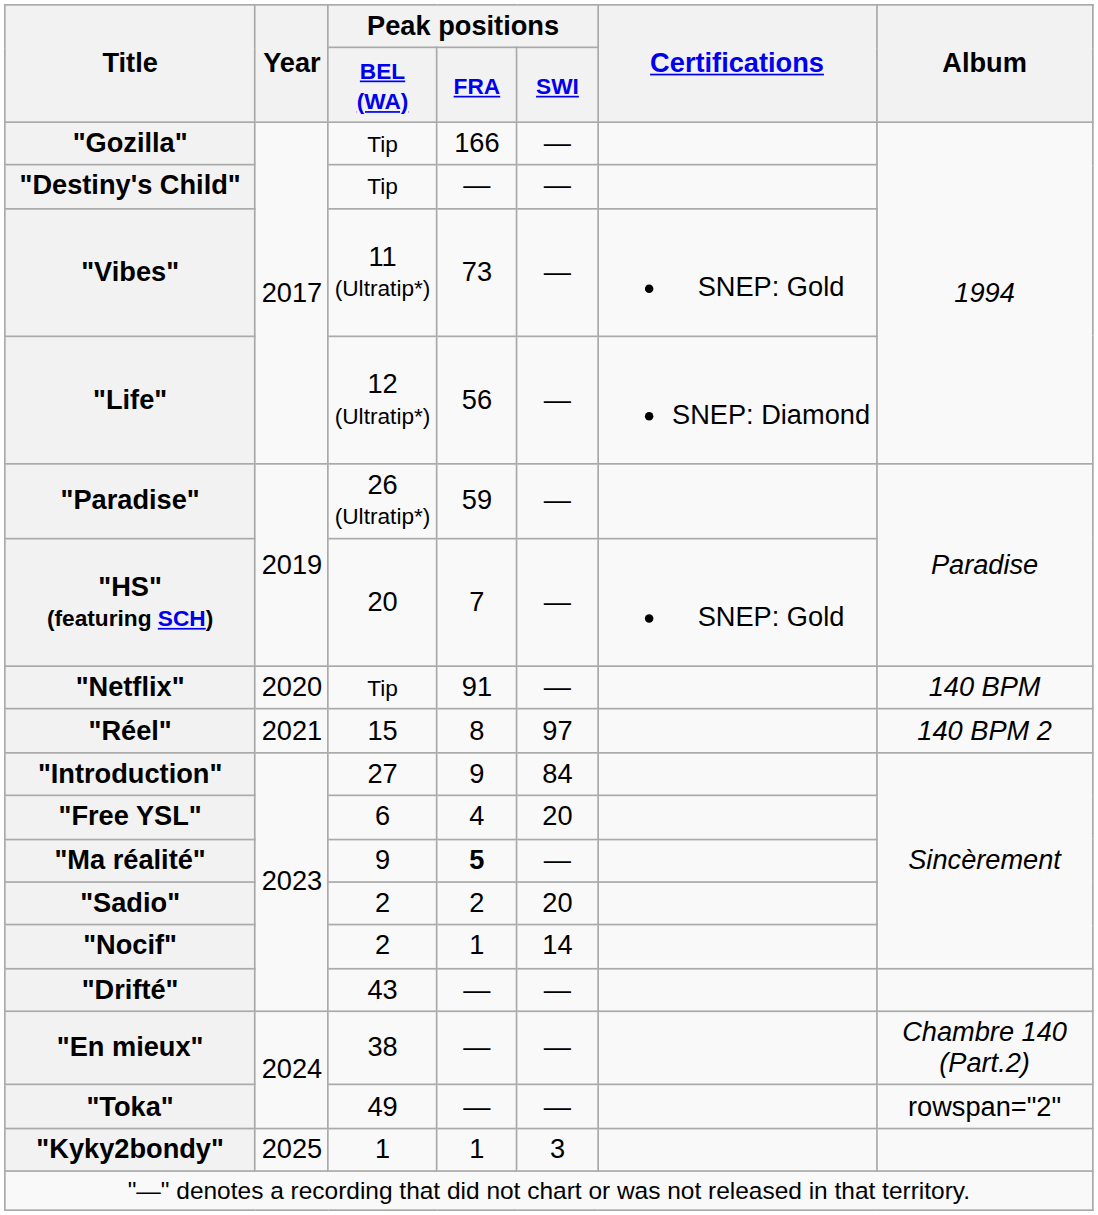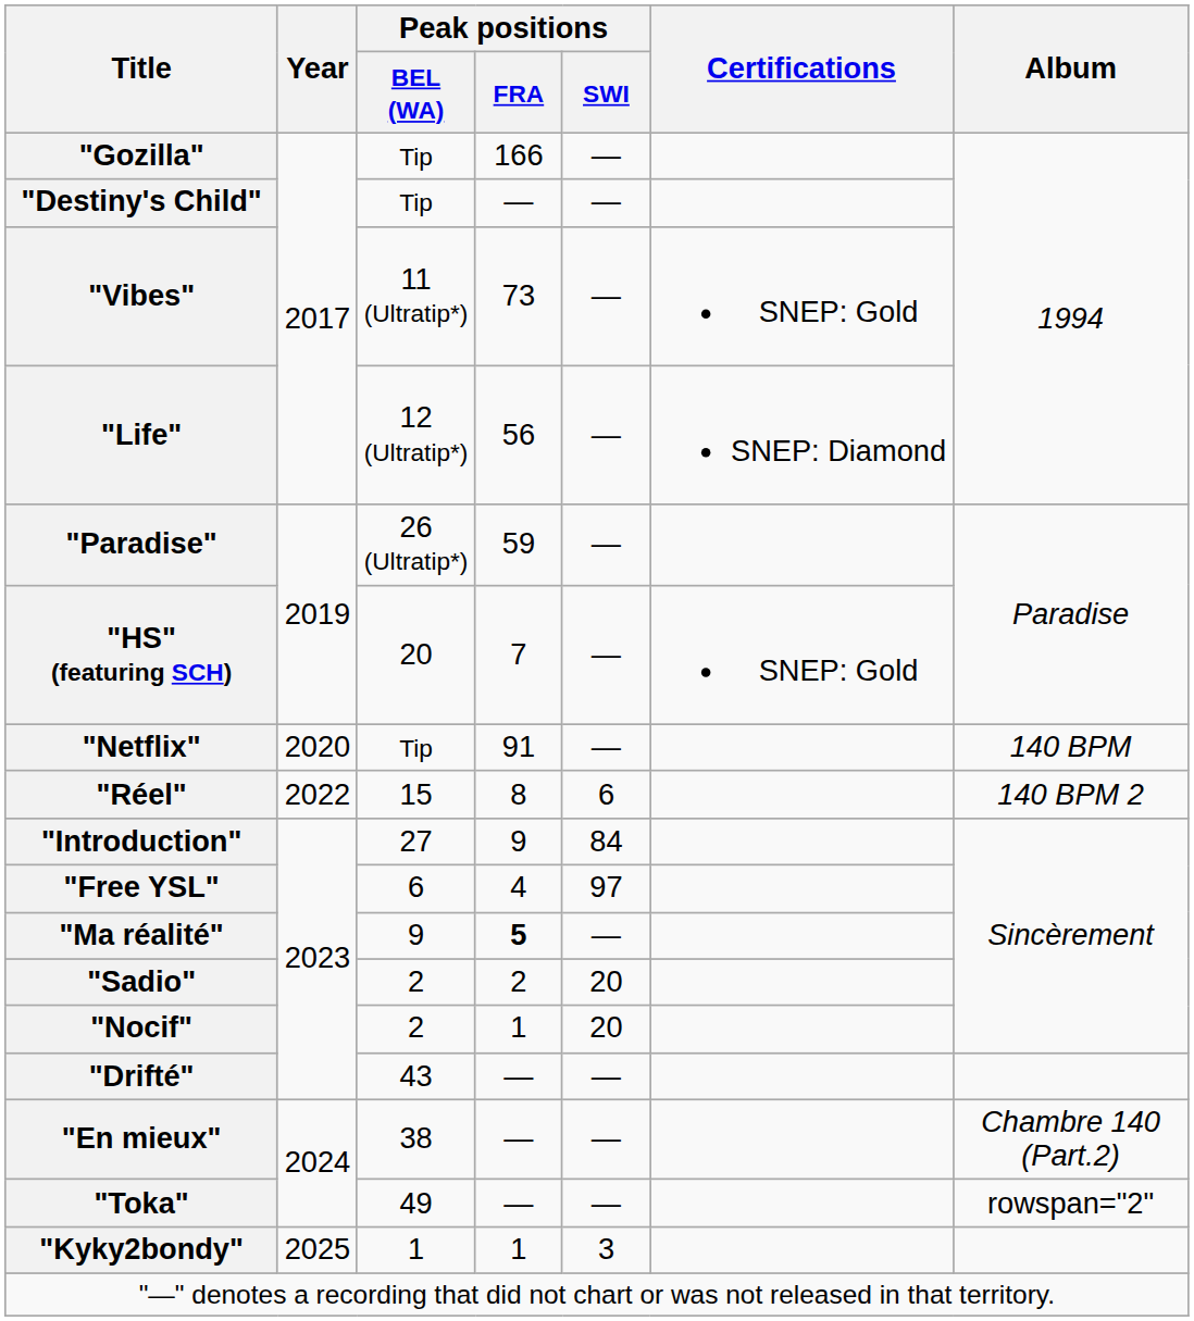 <table class="wikitable plainrowheaders" style="text-align:center;">
 <tr>
 <th rowspan="2" style="text-align:center; width:140px;">Title</th>
 <th rowspan="2" style="text-align:center; width:10px;">Year</th>
 <th style="text-align:center;" colspan="3">Peak positions</th>
 <th align="center" rowspan="2"><a href='#'>Certifications</a></th>
 <th rowspan="2" style="text-align:center; width:120px;">Album</th>
 </tr>
 <tr>
 <th width="40"><small><a href='#'>BEL<br>(WA)</a></small><br></th>
 <th width="40"><small><a href='#'>FRA</a></small><br></th>
 <th width="40"><small><a href='#'>SWI</a></small><br></th>
 </tr>
 <tr>
 <th scope="row">"Gozilla"</th>
 <td style="text-align:center;" rowspan=4>2017</td>
 <td style="text-align:center;"><small>Tip</small></td>
 <td style="text-align:center;">166</td>
 <td style="text-align:center;">—</td>
 <td></td>
 <td style="text-align:center;" rowspan=4><em>1994</em></td>
 </tr>
 <tr>
 <th scope="row">"Destiny's Child"</th>
 <td style="text-align:center;"><small>Tip</small></td>
 <td style="text-align:center;">—</td>
 <td style="text-align:center;">—</td>
 <td></td>
 </tr>
 <tr>
 <th scope="row">"Vibes"</th>
 <td style="text-align:center;">11<br><small>(Ultratip*)</small></td>
 <td style="text-align:center;">73</td>
 <td style="text-align:center;">—</td>
 <td><br><ul><li>SNEP: Gold</li></ul></td>
 </tr>
 <tr>
 <th scope="row">"Life"</th>
 <td style="text-align:center;">12<br><small>(Ultratip*)</small></td>
 <td style="text-align:center;">56</td>
 <td style="text-align:center;">—</td>
 <td><br><ul><li>SNEP: Diamond</li></ul></td>
 </tr>
 <tr>
 <th scope="row">"Paradise"</th>
 <td style="text-align:center;" rowspan=2>2019</td>
 <td style="text-align:center;">26<br><small>(Ultratip*)</small></td>
 <td style="text-align:center;">59</td>
 <td style="text-align:center;">—</td>
 <td></td>
 <td style="text-align:center;" rowspan=2><em>Paradise</em></td>
 </tr>
 <tr>
 <th scope="row">"HS"<br><small>(featuring <a href='#'>SCH</a>)</small></th>
 <td style="text-align:center;">20</td>
 <td style="text-align:center;">7</td>
 <td style="text-align:center;">—</td>
 <td><br><ul><li>SNEP: Gold</li></ul></td>
 </tr>
 <tr>
 <th scope="row">"Netflix"</th>
 <td style="text-align:center;">2020</td>
 <td style="text-align:center;"><small>Tip</small></td>
 <td style="text-align:center;">91</td>
 <td style="text-align:center;">—</td>
 <td></td>
 <td style="text-align:center;"><em>140 BPM</em></td>
 </tr>
 <tr>
 <th scope="row">"Réel"</th>
-<td style="text-align:center;">2021</td>
+<td style="text-align:center;">2022</td>
 <td style="text-align:center;">15</td>
 <td style="text-align:center;">8</td>
-<td style="text-align:center;">97</td>
+<td>6</td>
 <td></td>
 <td style="text-align:center;"><em>140 BPM 2</em></td>
 </tr>
 <tr>
 <th scope="row">"Introduction"</th>
 <td rowspan="6">2023</td>
 <td>27</td>
 <td>9</td>
 <td>84</td>
 <td></td>
 <td rowspan="5"><em>Sincèrement</em></td>
 </tr>
 <tr>
 <th scope="row">"Free YSL"</th>
 <td>6</td>
 <td>4</td>
-<td>20</td>
+<td style="text-align:center;">97</td>
 <td></td>
 </tr>
 <tr>
 <th scope="row">"Ma réalité"</th>
 <td>9</td>
 <td><strong>5</strong></td>
 <td>—</td>
 <td></td>
 </tr>
 <tr>
 <th scope="row">"Sadio"<br></th>
 <td>2</td>
 <td>2</td>
 <td>20</td>
 <td></td>
 </tr>
 <tr>
 <th scope="row">"Nocif"<br></th>
 <td>2</td>
 <td>1</td>
-<td>14</td>
+<td>20</td>
 <td></td>
 </tr>
 <tr>
 <th scope="row">"Drifté"</th>
 <td>43</td>
 <td>—</td>
 <td>—</td>
 <td></td>
 <td></td>
 </tr>
 <tr>
 <th scope="row">"En mieux"<br></th>
 <td rowspan="2">2024</td>
 <td>38</td>
 <td>—</td>
 <td>—</td>
 <td></td>
 <td><em>Chambre 140 (Part.2)</em></td>
 </tr>
 <tr>
 <th scope="row">"Toka"<br></th>
 <td>49</td>
 <td>—</td>
 <td>—</td>
 <td></td>
 <td>rowspan="2" </td>
 </tr>
 <tr>
 <th scope="row">"Kyky2bondy"</th>
 <td>2025</td>
 <td>1</td>
 <td>1</td>
 <td>3</td>
 <td></td>
 </tr>
 <tr>
 <td colspan="10" style="font-size:90%">"—" denotes a recording that did not chart or was not released in that territory.</td>
 </tr>
 </table>
